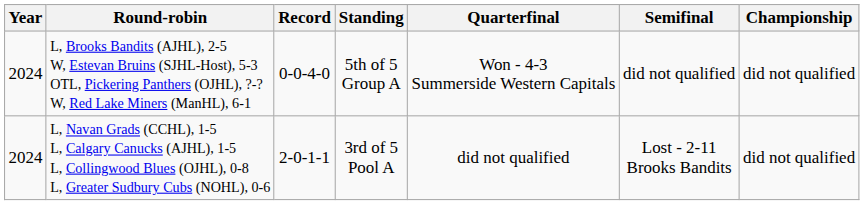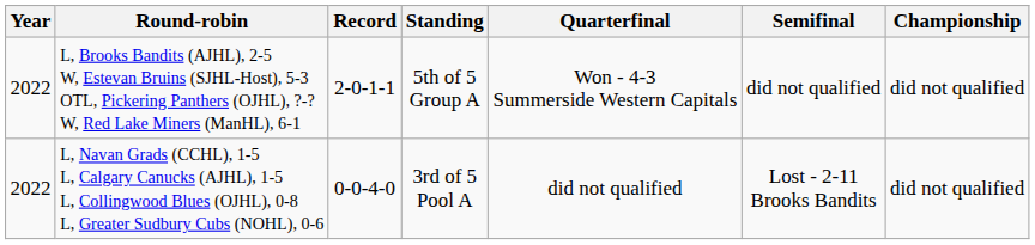 <table class="wikitable" style="text-align:center;">
 <tr>
 <th>Year</th>
 <th>Round-robin</th>
 <th>Record</th>
 <th>Standing</th>
 <th>Quarterfinal</th>
 <th>Semifinal</th>
 <th>Championship</th>
 </tr>
 <tr>
-<td>2024</td>
+<td>2022</td>
 <td align=left><small>L, <a href='#'>Brooks Bandits</a> (AJHL), 2-5<br>W, <a href='#'>Estevan Bruins</a> (SJHL-Host), 5-3<br>OTL, <a href='#'>Pickering Panthers</a> (OJHL), ?-?<br>W, <a href='#'>Red Lake Miners</a> (ManHL), 6-1</small></td>
-<td>0-0-4-0</td>
+<td>2-0-1-1</td>
 <td>5th of 5 <br>Group A</td>
 <td>Won - 4-3<br>Summerside Western Capitals</td>
 <td>did not qualified</td>
 <td>did not qualified</td>
 </tr>
 <tr>
-<td>2024</td>
+<td>2022</td>
 <td align=left><small>L, <a href='#'>Navan Grads</a> (CCHL), 1-5<br>L, <a href='#'>Calgary Canucks</a> (AJHL), 1-5<br>L, <a href='#'>Collingwood Blues</a> (OJHL), 0-8<br>L, <a href='#'>Greater Sudbury Cubs</a> (NOHL), 0-6</small></td>
-<td>2-0-1-1</td>
+<td>0-0-4-0</td>
 <td>3rd of 5 <br>Pool A</td>
 <td>did not qualified</td>
 <td>Lost - 2-11<br>Brooks Bandits</td>
 <td>did not qualified</td>
 </tr>
 </table>
